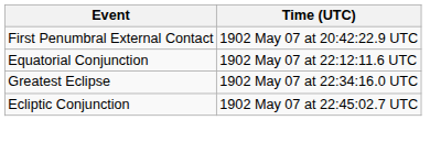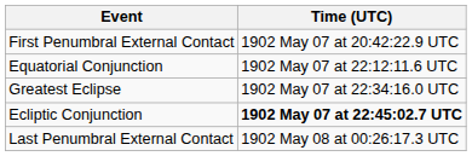 <table class="wikitable">
 <tr>
 <th>Event</th>
 <th>Time (UTC)</th>
 </tr>
 <tr>
 <td>First Penumbral External Contact</td>
 <td>1902 May 07 at 20:42:22.9 UTC</td>
 </tr>
 <tr>
 <td>Equatorial Conjunction</td>
 <td>1902 May 07 at 22:12:11.6 UTC</td>
 </tr>
 <tr>
 <td>Greatest Eclipse</td>
 <td>1902 May 07 at 22:34:16.0 UTC</td>
 </tr>
 <tr>
 <td>Ecliptic Conjunction</td>
-<td>1902 May 07 at 22:45:02.7 UTC</td>
+<td><strong>1902 May 07 at 22:45:02.7 UTC</strong></td>
+</tr>
+<tr>
+<td>Last Penumbral External Contact</td>
+<td>1902 May 08 at 00:26:17.3 UTC</td>
 </tr>
 </table>
